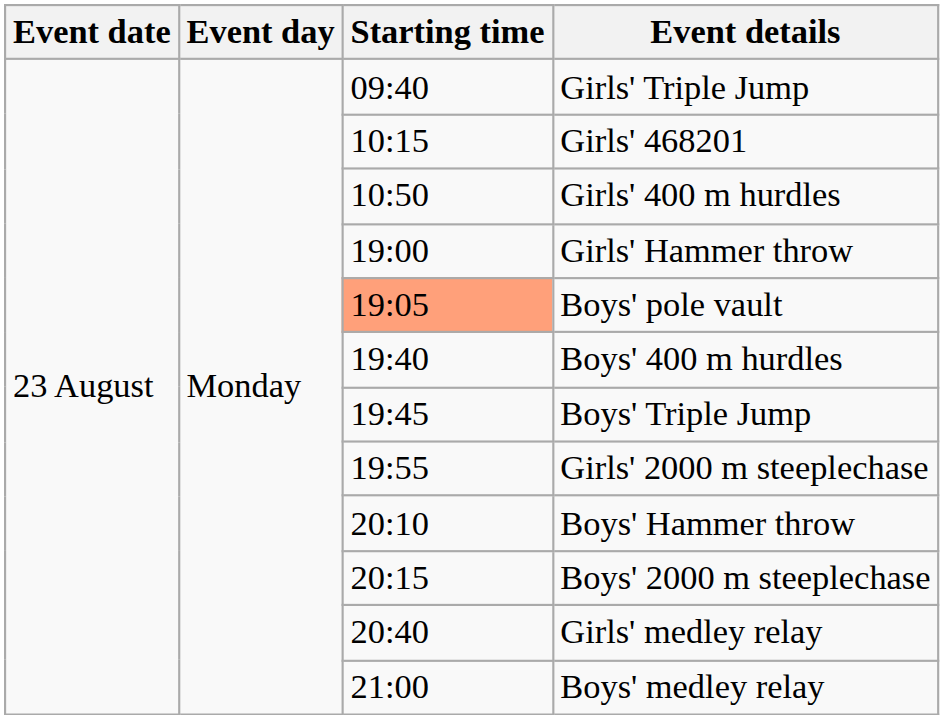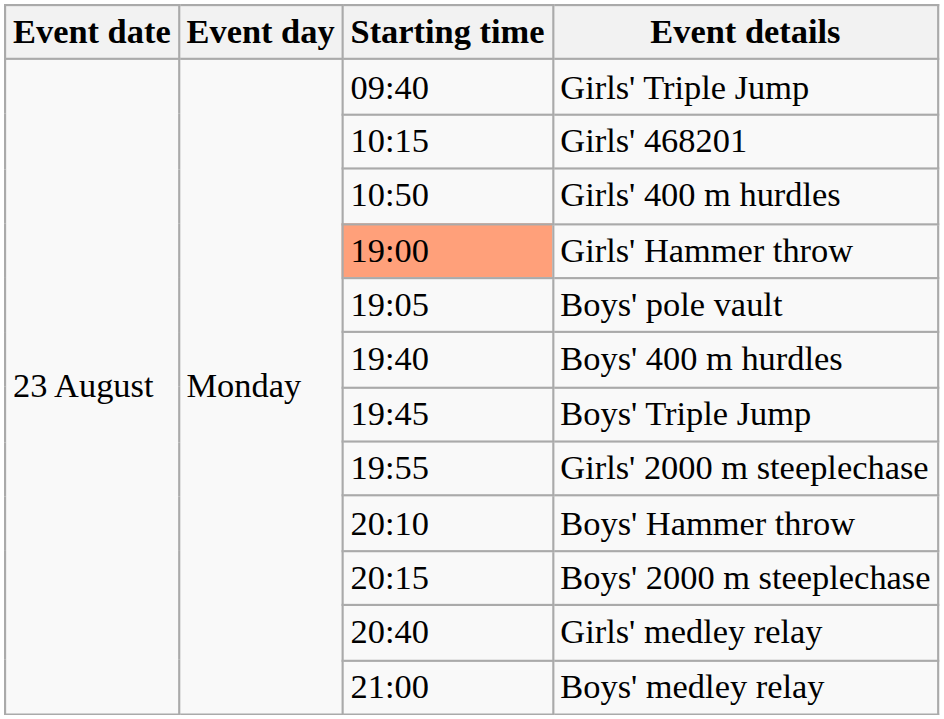 <table class="wikitable">
 <tr>
 <th>Event date</th>
 <th>Event day</th>
 <th>Starting time</th>
 <th>Event details</th>
 </tr>
 <tr>
 <td rowspan=12>23 August</td>
 <td rowspan=12>Monday</td>
 <td>09:40</td>
 <td>Girls' Triple Jump</td>
 </tr>
 <tr>
 <td>10:15</td>
 <td>Girls' 468201</td>
 </tr>
 <tr>
 <td>10:50</td>
 <td>Girls' 400 m hurdles</td>
 </tr>
 <tr>
-<td>19:00</td>
+<td style="background: lightsalmon;">19:00</td>
 <td>Girls' Hammer throw</td>
 </tr>
 <tr>
-<td style="background: lightsalmon;">19:05</td>
+<td>19:05</td>
 <td>Boys' pole vault</td>
 </tr>
 <tr>
 <td>19:40</td>
 <td>Boys' 400 m hurdles</td>
 </tr>
 <tr>
 <td>19:45</td>
 <td>Boys' Triple Jump</td>
 </tr>
 <tr>
 <td>19:55</td>
 <td>Girls' 2000 m steeplechase</td>
 </tr>
 <tr>
 <td>20:10</td>
 <td>Boys' Hammer throw</td>
 </tr>
 <tr>
 <td>20:15</td>
 <td>Boys' 2000 m steeplechase</td>
 </tr>
 <tr>
 <td>20:40</td>
 <td>Girls' medley relay</td>
 </tr>
 <tr>
 <td>21:00</td>
 <td>Boys' medley relay</td>
 </tr>
 </table>
